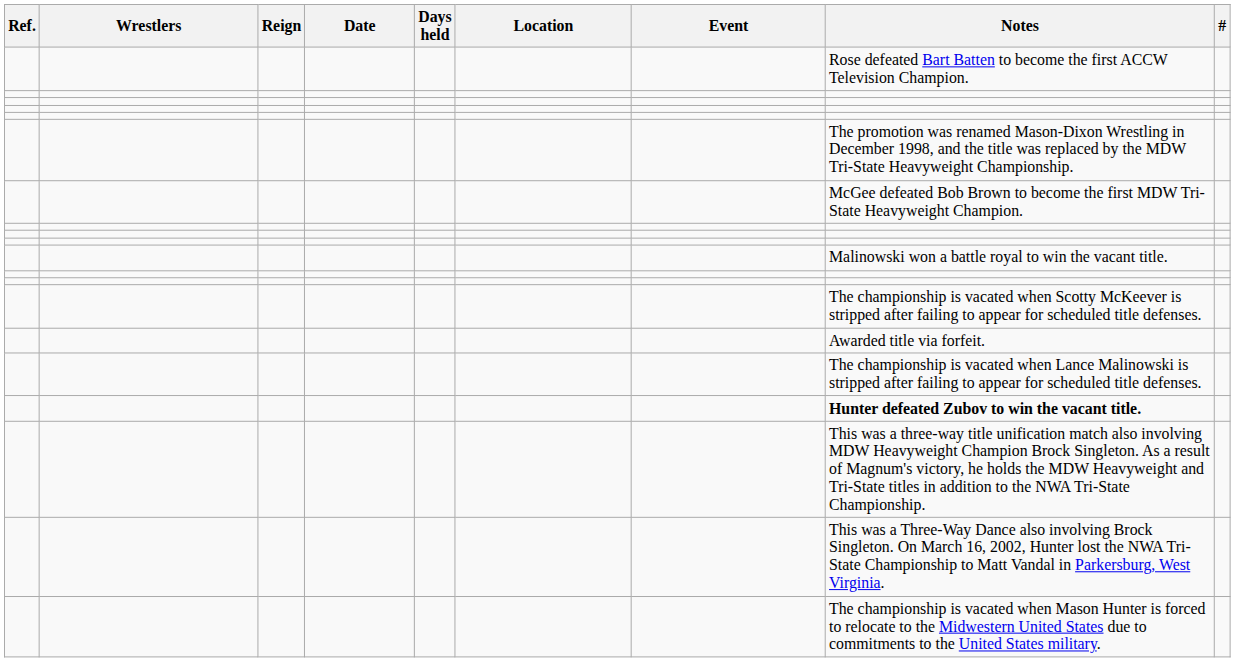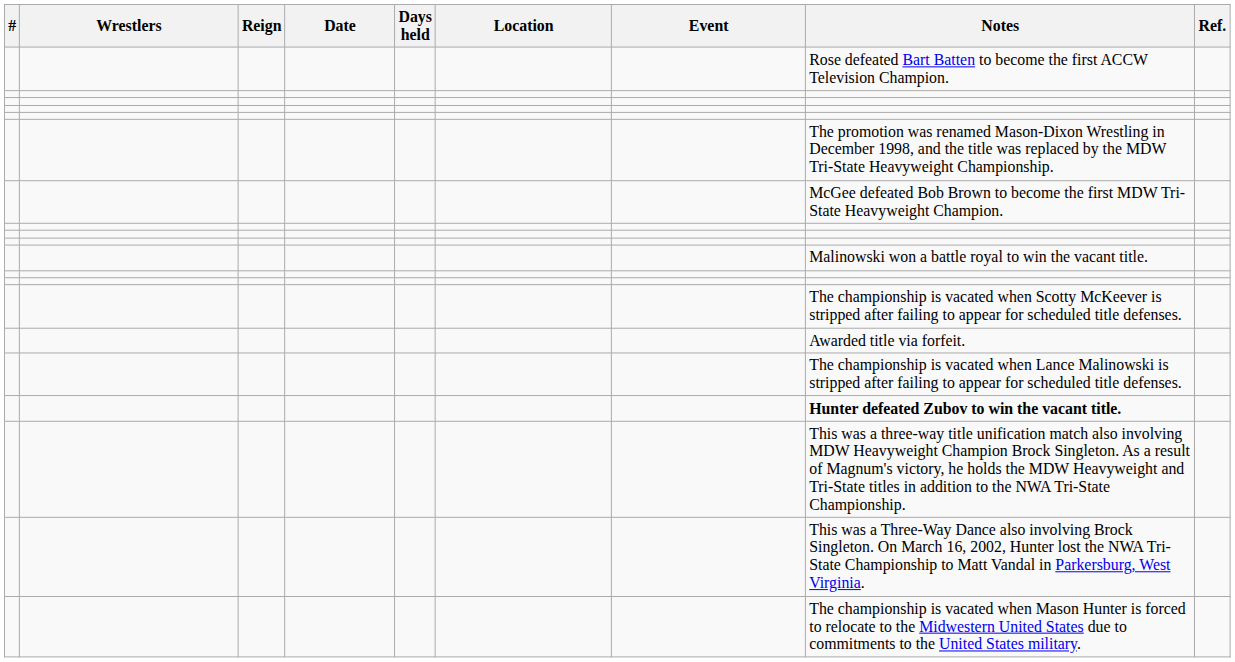 <table class="wikitable sortable" width=98% style="text-align:center;">
 <tr>
-<th width=0% class="unsortable">Ref.</th>
+<th width=0%>#</th>
 <th width=20%>Wrestlers</th>
 <th width=0%>Reign</th>
 <th width=10%>Date</th>
 <th width=0%>Days<br>held</th>
 <th width=16%>Location</th>
 <th width=18%>Event</th>
 <th width=60% class="unsortable">Notes</th>
-<th width=0%>#</th>
+<th width=0% class="unsortable">Ref.</th>
 </tr>
 <tr>
-<td align="left"></td>
+<td></td>
 <td></td>
 <td></td>
 <td></td>
 <td></td>
 <td></td>
 <td></td>
 <td align="left">Rose defeated <a href='#'>Bart Batten</a> to become the first ACCW Television Champion.</td>
-<td></td>
+<td align="left"></td>
 </tr>
 <tr>
-<td align="left"></td>
+<td></td>
 <td></td>
 <td></td>
 <td></td>
 <td></td>
 <td></td>
 <td></td>
 <td align="left"></td>
-<td></td>
+<td align="left"></td>
 </tr>
 <tr>
-<td align="left"></td>
+<td></td>
 <td></td>
 <td></td>
 <td></td>
 <td></td>
 <td></td>
 <td></td>
 <td align="left"></td>
-<td></td>
+<td align="left"></td>
 </tr>
 <tr>
-<td align="left"></td>
+<td></td>
 <td></td>
 <td></td>
 <td></td>
 <td></td>
 <td></td>
 <td></td>
 <td align="left"></td>
-<td></td>
+<td align="left"></td>
 </tr>
 <tr>
-<td align="left"></td>
+<td></td>
 <td></td>
 <td></td>
 <td></td>
 <td></td>
 <td></td>
 <td></td>
 <td align="left"></td>
-<td></td>
+<td align="left"></td>
 </tr>
 <tr>
-<td align="left"></td>
+<td></td>
 <td></td>
 <td></td>
 <td></td>
 <td></td>
 <td></td>
 <td></td>
 <td align="left">The promotion was renamed Mason-Dixon Wrestling in December 1998, and the title was replaced by the MDW Tri-State Heavyweight Championship.</td>
-<td></td>
+<td align="left"></td>
 </tr>
 <tr>
-<td align="left"></td>
+<td></td>
 <td></td>
 <td></td>
 <td></td>
 <td></td>
 <td></td>
 <td></td>
 <td align="left">McGee defeated Bob Brown to become the first MDW Tri-State Heavyweight Champion.</td>
-<td></td>
+<td align="left"></td>
 </tr>
 <tr>
-<td align="left"></td>
+<td></td>
 <td></td>
 <td></td>
 <td></td>
 <td></td>
 <td></td>
 <td></td>
 <td align="left"></td>
-<td></td>
+<td align="left"></td>
 </tr>
 <tr>
-<td align="left"></td>
+<td></td>
 <td></td>
 <td></td>
 <td></td>
 <td></td>
 <td></td>
 <td></td>
 <td align="left"></td>
-<td></td>
+<td align="left"></td>
 </tr>
 <tr>
-<td align="left"></td>
+<td></td>
 <td></td>
 <td></td>
 <td></td>
 <td></td>
 <td></td>
 <td></td>
 <td align="left"></td>
-<td></td>
+<td align="left"></td>
 </tr>
 <tr>
-<td align="left"></td>
+<td></td>
 <td></td>
 <td></td>
 <td></td>
 <td></td>
 <td></td>
 <td></td>
 <td align="left">Malinowski won a battle royal to win the vacant title.</td>
-<td></td>
+<td align="left"></td>
 </tr>
 <tr>
-<td align="left"></td>
+<td></td>
 <td></td>
 <td></td>
 <td></td>
 <td></td>
 <td></td>
 <td></td>
 <td align="left"></td>
-<td></td>
+<td align="left"></td>
 </tr>
 <tr>
-<td align="left"></td>
+<td></td>
 <td></td>
 <td></td>
 <td></td>
 <td></td>
 <td></td>
 <td></td>
 <td align="left"></td>
-<td></td>
+<td align="left"></td>
 </tr>
 <tr>
-<td align="left"></td>
+<td></td>
 <td></td>
 <td></td>
 <td></td>
 <td></td>
 <td></td>
 <td></td>
 <td align="left">The championship is vacated when Scotty McKeever is stripped after failing to appear for scheduled title defenses.</td>
-<td></td>
+<td align="left"></td>
 </tr>
 <tr>
-<td align="left"></td>
+<td></td>
 <td></td>
 <td></td>
 <td></td>
 <td></td>
 <td></td>
 <td></td>
 <td align="left">Awarded title via forfeit.</td>
-<td></td>
+<td align="left"></td>
 </tr>
 <tr>
-<td align="left"></td>
+<td></td>
 <td></td>
 <td></td>
 <td></td>
 <td></td>
 <td></td>
 <td></td>
 <td align="left">The championship is vacated when Lance Malinowski is stripped after failing to appear for scheduled title defenses.</td>
-<td></td>
+<td align="left"></td>
 </tr>
 <tr>
-<td align="left"></td>
+<td></td>
 <td></td>
 <td></td>
 <td></td>
 <td></td>
 <td></td>
 <td></td>
 <td align="left"><strong>Hunter defeated Zubov to win the vacant title.</strong></td>
-<td></td>
+<td align="left"></td>
 </tr>
 <tr>
-<td align="left"></td>
+<td></td>
 <td></td>
 <td></td>
 <td></td>
 <td></td>
 <td></td>
 <td></td>
 <td align="left">This was a three-way title unification match also involving MDW Heavyweight Champion Brock Singleton. As a result of Magnum's victory, he holds the MDW Heavyweight and Tri-State titles in addition to the NWA Tri-State Championship.</td>
-<td></td>
+<td align="left"></td>
 </tr>
 <tr>
-<td align="left"></td>
+<td></td>
 <td></td>
 <td></td>
 <td></td>
 <td></td>
 <td></td>
 <td></td>
 <td align="left">This was a Three-Way Dance also involving Brock Singleton. On March 16, 2002, Hunter lost the NWA Tri-State Championship to Matt Vandal in <a href='#'>Parkersburg, West Virginia</a>.</td>
-<td></td>
+<td align="left"></td>
 </tr>
 <tr>
-<td align="left"></td>
+<td></td>
 <td></td>
 <td></td>
 <td></td>
 <td></td>
 <td></td>
 <td></td>
 <td align="left">The championship is vacated when Mason Hunter is forced to relocate to the <a href='#'>Midwestern United States</a> due to commitments to the <a href='#'>United States military</a>.</td>
-<td></td>
+<td align="left"></td>
 </tr>
 </table>
